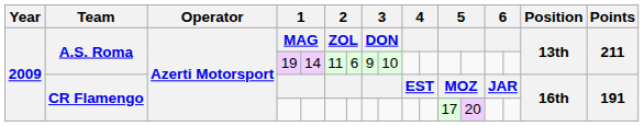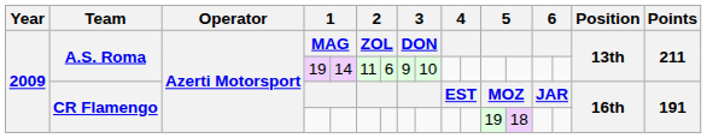 <table class="wikitable" style="text-align:center; font-size:85%">
 <tr>
 <th>Year</th>
 <th>Team</th>
 <th>Operator</th>
 <th colspan=2>1</th>
 <th colspan=2>2</th>
 <th colspan=2>3</th>
 <th colspan=2>4</th>
 <th colspan=2>5</th>
 <th colspan=2>6</th>
 <th>Position</th>
 <th>Points</th>
 </tr>
 <tr>
 <th rowspan=4><a href='#'>2009</a></th>
 <th rowspan=2><a href='#'>A.S. Roma</a></th>
 <th rowspan=4><a href='#'>Azerti Motorsport</a></th>
 <th colspan=2><a href='#'>MAG</a></th>
 <th colspan=2><a href='#'>ZOL</a></th>
 <th colspan=2><a href='#'>DON</a></th>
 <th colspan=2></th>
 <th colspan=2></th>
 <th colspan=2></th>
 <th rowspan=2>13th</th>
 <th rowspan=2>211</th>
 </tr>
 <tr>
 <td style="background:#efcfff;">19</td>
 <td style="background:#efcfff;">14</td>
 <td style="background:#dfffdf;">11</td>
 <td style="background:#dfffdf;">6</td>
 <td style="background:#dfffdf;">9</td>
 <td style="background:#dfffdf;">10</td>
 <td></td>
 <td></td>
 <td></td>
 <td></td>
 <td></td>
 <td></td>
 </tr>
 <tr>
 <th rowspan=2><a href='#'>CR Flamengo</a></th>
 <th colspan=2></th>
 <th colspan=2></th>
 <th colspan=2></th>
 <th colspan=2><a href='#'>EST</a></th>
 <th colspan=2><a href='#'>MOZ</a></th>
 <th colspan=2><a href='#'>JAR</a></th>
 <th rowspan=2>16th</th>
 <th rowspan=2>191</th>
 </tr>
 <tr>
 <td></td>
 <td></td>
 <td></td>
 <td></td>
 <td></td>
 <td></td>
 <td></td>
 <td></td>
-<td style="background:#dfffdf;">17</td>
-<td style="background:#efcfff;">20</td>
+<td style="background:#dfffdf;">19</td>
+<td style="background:#efcfff;">18</td>
 <td></td>
 <td></td>
 </tr>
 </table>
